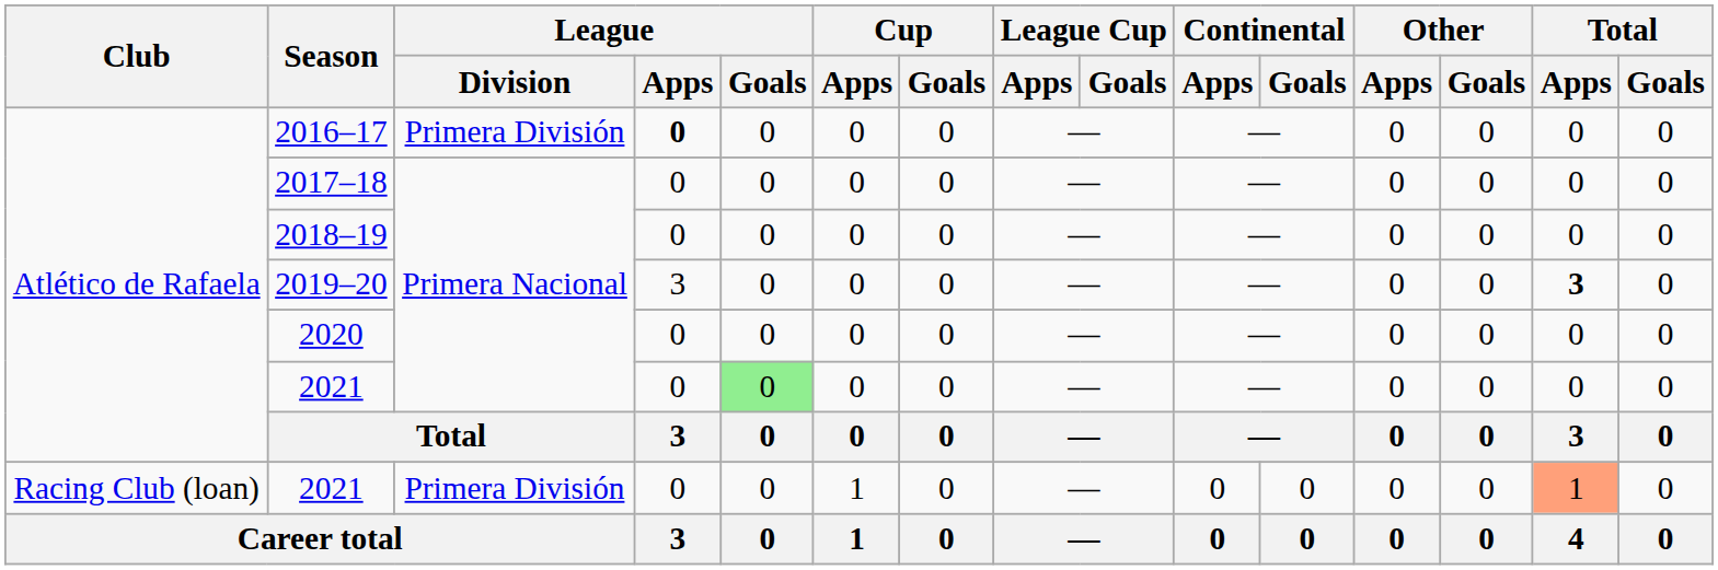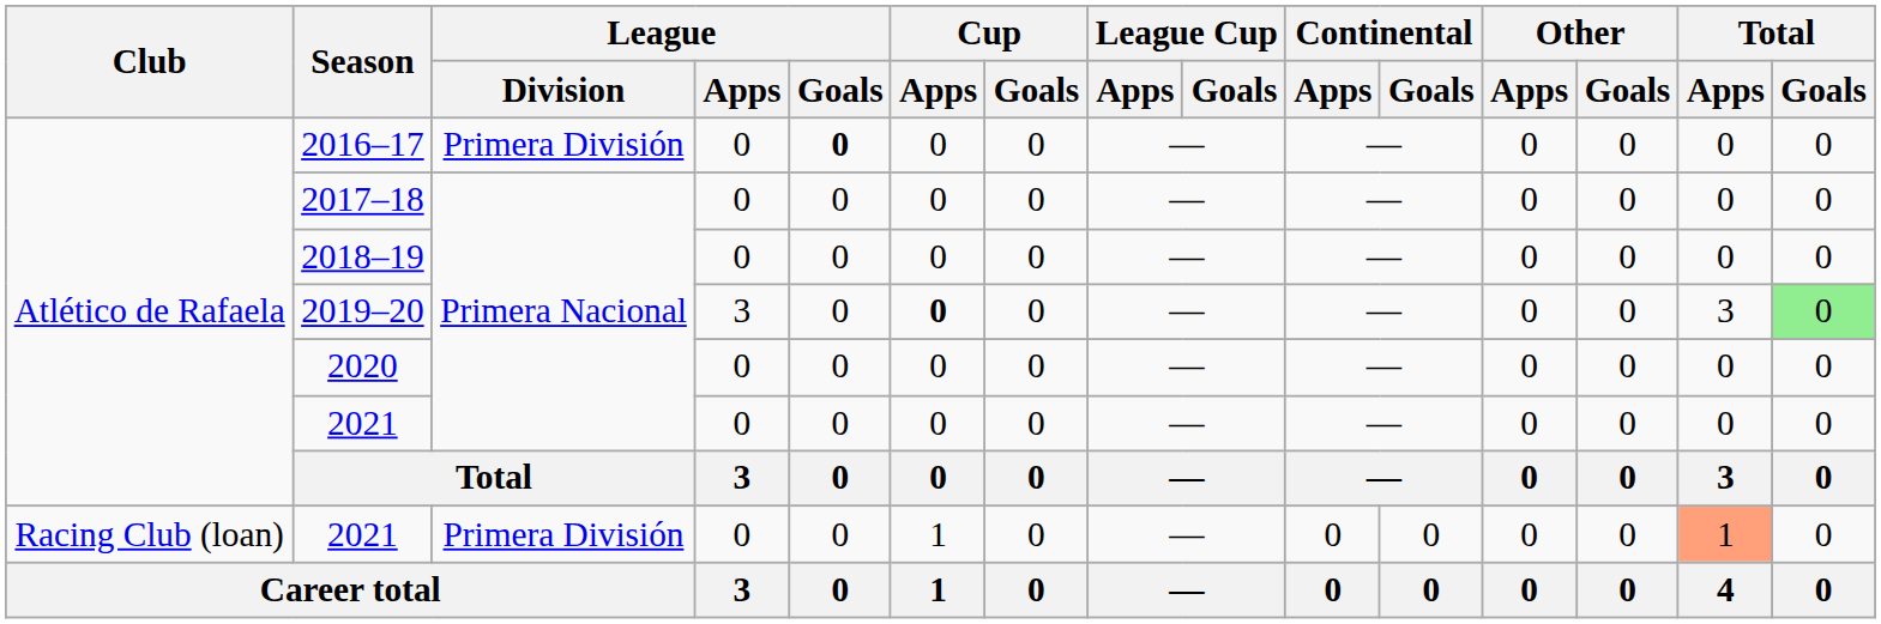 <table class="wikitable" style="text-align:center">
 <tr>
 <th rowspan="2">Club</th>
 <th rowspan="2">Season</th>
 <th colspan="3">League</th>
 <th colspan="2">Cup</th>
 <th colspan="2">League Cup</th>
 <th colspan="2">Continental</th>
 <th colspan="2">Other</th>
 <th colspan="2">Total</th>
 </tr>
 <tr>
 <th>Division</th>
 <th>Apps</th>
 <th>Goals</th>
 <th>Apps</th>
 <th>Goals</th>
 <th>Apps</th>
 <th>Goals</th>
 <th>Apps</th>
 <th>Goals</th>
 <th>Apps</th>
 <th>Goals</th>
 <th>Apps</th>
 <th>Goals</th>
 </tr>
 <tr>
 <td rowspan="7"><a href='#'>Atlético de Rafaela</a></td>
 <td><a href='#'>2016–17</a></td>
 <td rowspan="1"><a href='#'>Primera División</a></td>
+<td>0</td>
 <td><strong>0</strong></td>
-<td>0</td>
 <td>0</td>
 <td>0</td>
 <td colspan="2">—</td>
 <td colspan="2">—</td>
 <td>0</td>
 <td>0</td>
 <td>0</td>
 <td>0</td>
 </tr>
 <tr>
 <td><a href='#'>2017–18</a></td>
 <td rowspan="5"><a href='#'>Primera Nacional</a></td>
 <td>0</td>
 <td>0</td>
 <td>0</td>
 <td>0</td>
 <td colspan="2">—</td>
 <td colspan="2">—</td>
 <td>0</td>
 <td>0</td>
 <td>0</td>
 <td>0</td>
 </tr>
 <tr>
 <td><a href='#'>2018–19</a></td>
 <td>0</td>
 <td>0</td>
 <td>0</td>
 <td>0</td>
 <td colspan="2">—</td>
 <td colspan="2">—</td>
 <td>0</td>
 <td>0</td>
 <td>0</td>
 <td>0</td>
 </tr>
 <tr>
 <td><a href='#'>2019–20</a></td>
 <td>3</td>
 <td>0</td>
-<td>0</td>
+<td><strong>0</strong></td>
 <td>0</td>
 <td colspan="2">—</td>
 <td colspan="2">—</td>
 <td>0</td>
 <td>0</td>
-<td><strong>3</strong></td>
-<td>0</td>
+<td>3</td>
+<td style="background: lightgreen;">0</td>
 </tr>
 <tr>
 <td><a href='#'>2020</a></td>
 <td>0</td>
 <td>0</td>
 <td>0</td>
 <td>0</td>
 <td colspan="2">—</td>
 <td colspan="2">—</td>
 <td>0</td>
 <td>0</td>
 <td>0</td>
 <td>0</td>
 </tr>
 <tr>
 <td><a href='#'>2021</a></td>
 <td>0</td>
-<td style="background: lightgreen;">0</td>
+<td>0</td>
 <td>0</td>
 <td>0</td>
 <td colspan="2">—</td>
 <td colspan="2">—</td>
 <td>0</td>
 <td>0</td>
 <td>0</td>
 <td>0</td>
 </tr>
 <tr>
 <th colspan="2">Total</th>
 <th>3</th>
 <th>0</th>
 <th>0</th>
 <th>0</th>
 <th colspan="2">—</th>
 <th colspan="2">—</th>
 <th>0</th>
 <th>0</th>
 <th>3</th>
 <th>0</th>
 </tr>
 <tr>
 <td rowspan="1"><a href='#'>Racing Club</a> (loan)</td>
 <td><a href='#'>2021</a></td>
 <td rowspan="1"><a href='#'>Primera División</a></td>
 <td>0</td>
 <td>0</td>
 <td>1</td>
 <td>0</td>
 <td colspan="2">—</td>
 <td>0</td>
 <td>0</td>
 <td>0</td>
 <td>0</td>
 <td style="background: lightsalmon;">1</td>
 <td>0</td>
 </tr>
 <tr>
 <th colspan="3">Career total</th>
 <th>3</th>
 <th>0</th>
 <th>1</th>
 <th>0</th>
 <th colspan="2">—</th>
 <th>0</th>
 <th>0</th>
 <th>0</th>
 <th>0</th>
 <th>4</th>
 <th>0</th>
 </tr>
 </table>
